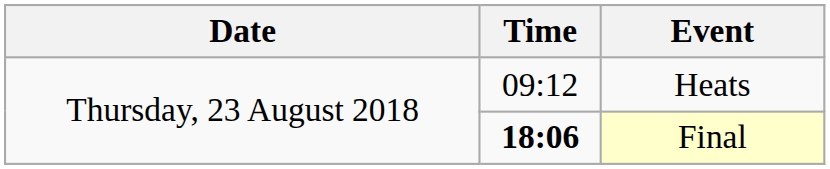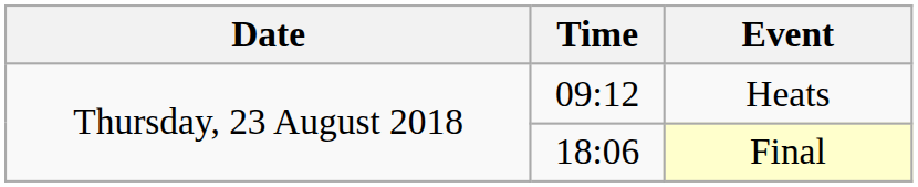 <table class = "wikitable" style="text-align:center;">
 <tr>
 <th width=220>Date</th>
 <th width=50>Time</th>
 <th width=100>Event</th>
 </tr>
 <tr>
 <td rowspan=2>Thursday, 23 August 2018</td>
 <td>09:12</td>
 <td>Heats</td>
 </tr>
 <tr>
-<td><strong>18:06</strong></td>
+<td>18:06</td>
 <td bgcolor=ffffcc>Final</td>
 </tr>
 </table>
